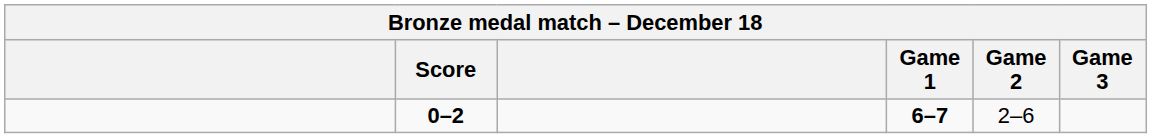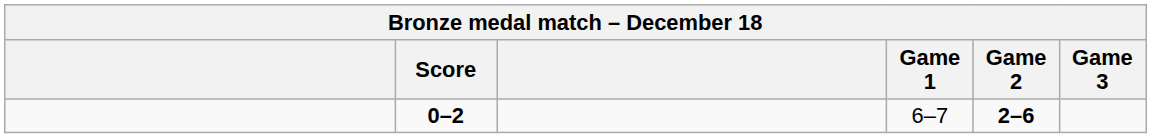 <table class="wikitable" style="text-align: center; font-size:90% ">
 <tr>
 <th colspan=6>Bronze medal match – December 18</th>
 </tr>
 <tr>
 <th align="right" width="250"></th>
 <th width="60">Score</th>
 <th align="left" width="250"></th>
 <th width="50">Game 1</th>
 <th width="50">Game 2</th>
 <th width="50">Game 3</th>
 </tr>
 <tr>
 <td align=left></td>
 <td align=center><strong>0–2</strong></td>
 <td align=left><strong></strong></td>
-<td><strong>6–7</strong></td>
-<td>2–6</td>
+<td>6–7</td>
+<td><strong>2–6</strong></td>
 <td></td>
 </tr>
 </table>
